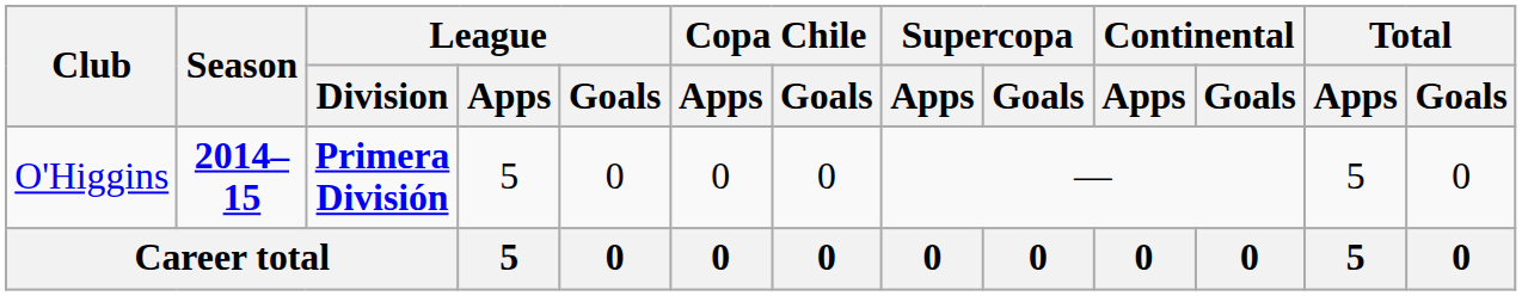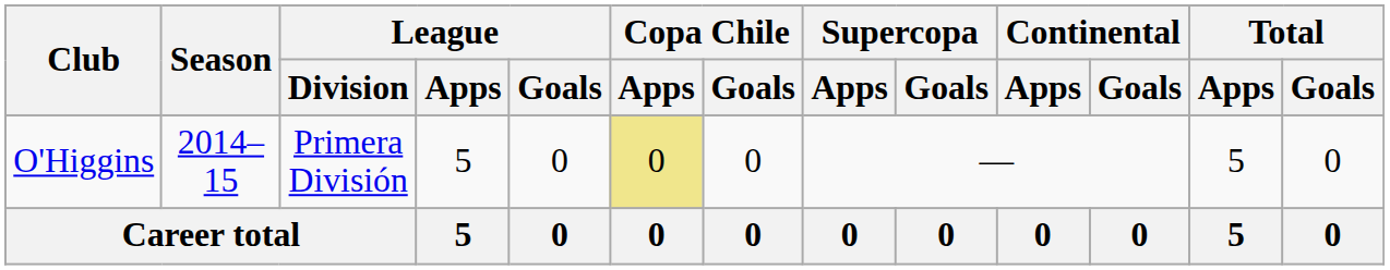 <table class="wikitable" style="text-align: center;">
 <tr>
 <th rowspan="2">Club</th>
 <th rowspan="2">Season</th>
 <th colspan="3">League</th>
 <th colspan="2">Copa Chile</th>
 <th colspan="2">Supercopa</th>
 <th colspan="2">Continental</th>
 <th colspan="2">Total</th>
 </tr>
 <tr>
 <th>Division</th>
 <th>Apps</th>
 <th>Goals</th>
 <th>Apps</th>
 <th>Goals</th>
 <th>Apps</th>
 <th>Goals</th>
 <th>Apps</th>
 <th>Goals</th>
 <th>Apps</th>
 <th>Goals</th>
 </tr>
 <tr>
 <td rowspan="1"><a href='#'>O'Higgins</a></td>
-<td><strong><a href='#'>2014–15</a></strong></td>
-<td rowspan="1"><strong><a href='#'>Primera División</a></strong></td>
+<td><a href='#'>2014–15</a></td>
+<td rowspan="1"><a href='#'>Primera División</a></td>
 <td>5</td>
 <td>0</td>
-<td>0</td>
+<td style="background: khaki;">0</td>
 <td>0</td>
 <td colspan="4">—</td>
 <td>5</td>
 <td>0</td>
 </tr>
 <tr>
 <th colspan="3">Career total</th>
 <th>5</th>
 <th>0</th>
 <th>0</th>
 <th>0</th>
 <th>0</th>
 <th>0</th>
 <th>0</th>
 <th>0</th>
 <th>5</th>
 <th>0</th>
 </tr>
 </table>
